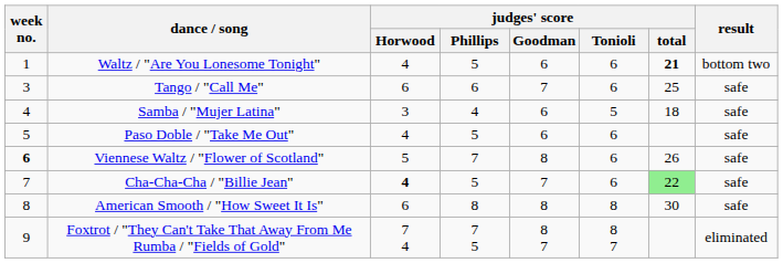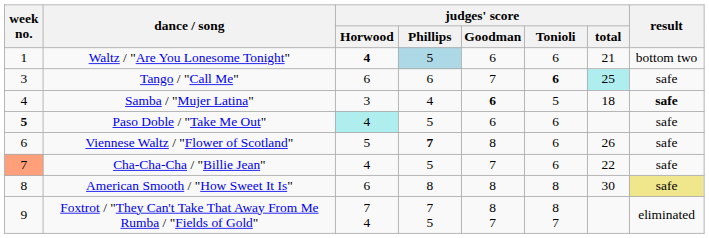 <table class=wikitable style="float:left; text-align:center">
 <tr>
 <th rowspan=2>week<br>no.</th>
 <th rowspan=2>dance / song</th>
 <th colspan=5>judges' score</th>
 <th rowspan=2>result</th>
 </tr>
 <tr>
 <th style=width:9%>Horwood</th>
 <th style=width:9%>Phillips</th>
 <th style=width:9%>Goodman</th>
 <th style=width:9%>Tonioli</th>
 <th style=width:6%>total</th>
 </tr>
 <tr>
 <td>1</td>
 <td><a href='#'>Waltz</a> / "<a href='#'>Are You Lonesome Tonight</a>"</td>
-<td>4</td>
-<td>5</td>
+<td><strong>4</strong></td>
+<td style="background: lightblue;">5</td>
 <td>6</td>
 <td>6</td>
-<td><strong>21</strong></td>
+<td>21</td>
 <td>bottom two</td>
 </tr>
 <tr>
 <td>3</td>
 <td><a href='#'>Tango</a> / "<a href='#'>Call Me</a>"</td>
 <td>6</td>
 <td>6</td>
 <td>7</td>
-<td>6</td>
-<td>25</td>
+<td><strong>6</strong></td>
+<td style="background: paleturquoise;">25</td>
 <td>safe</td>
 </tr>
 <tr>
 <td>4</td>
 <td><a href='#'>Samba</a> / "<a href='#'>Mujer Latina</a>"</td>
 <td>3</td>
 <td>4</td>
-<td>6</td>
+<td><strong>6</strong></td>
 <td>5</td>
 <td>18</td>
-<td>safe</td>
+<td><strong>safe</strong></td>
 </tr>
 <tr>
-<td>5</td>
+<td><strong>5</strong></td>
 <td><a href='#'>Paso Doble</a> / "<a href='#'>Take Me Out</a>"</td>
-<td>4</td>
+<td style="background: paleturquoise;">4</td>
 <td>5</td>
 <td>6</td>
 <td>6</td>
 <td><em></em></td>
 <td>safe</td>
 </tr>
 <tr>
-<td><strong>6</strong></td>
+<td>6</td>
 <td><a href='#'>Viennese Waltz</a> / "<a href='#'>Flower of Scotland</a>"</td>
 <td>5</td>
-<td>7</td>
+<td><strong>7</strong></td>
 <td>8</td>
 <td>6</td>
 <td>26</td>
 <td>safe</td>
 </tr>
 <tr>
-<td>7</td>
+<td style="background: lightsalmon;">7</td>
 <td><a href='#'>Cha-Cha-Cha</a> / "<a href='#'>Billie Jean</a>"</td>
-<td><strong>4</strong></td>
+<td>4</td>
 <td>5</td>
 <td>7</td>
 <td>6</td>
-<td style="background: lightgreen;">22</td>
+<td>22</td>
 <td>safe</td>
 </tr>
 <tr>
 <td>8</td>
 <td><a href='#'>American Smooth</a> / "<a href='#'>How Sweet It Is</a>"</td>
 <td>6</td>
 <td>8</td>
 <td>8</td>
 <td>8</td>
 <td>30</td>
-<td>safe</td>
+<td style="background: khaki;">safe</td>
 </tr>
 <tr>
 <td>9</td>
 <td><a href='#'>Foxtrot</a> / "<a href='#'>They Can't Take That Away From Me</a><br><a href='#'>Rumba</a> / "<a href='#'>Fields of Gold</a>"</td>
 <td>7<br>4</td>
 <td>7<br>5</td>
 <td>8<br>7</td>
 <td>8<br>7</td>
 <td><em><br></em></td>
 <td>eliminated</td>
 </tr>
 </table>
